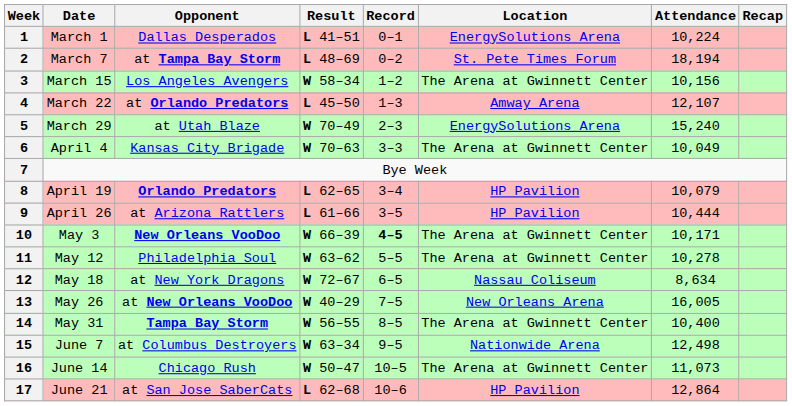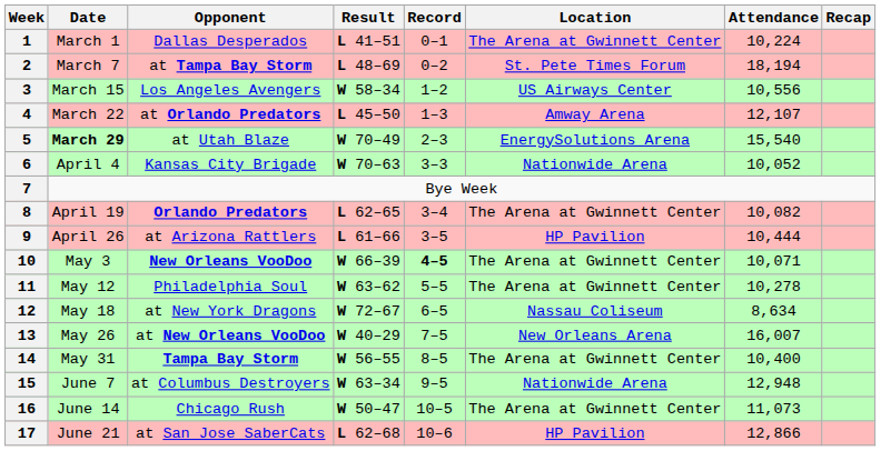 <table class="wikitable" style="text-align:center">
 <tr>
 <th>Week</th>
 <th>Date</th>
 <th>Opponent</th>
 <th>Result</th>
 <th>Record</th>
 <th>Location</th>
 <th>Attendance</th>
 <th>Recap</th>
 </tr>
 <tr bgcolor="#ffbbbb">
 <th>1</th>
 <td>March 1</td>
 <td><a href='#'>Dallas Desperados</a></td>
 <td><strong>L</strong> 41–51</td>
 <td>0–1</td>
-<td><a href='#'>EnergySolutions Arena</a></td>
+<td><a href='#'>The Arena at Gwinnett Center</a></td>
 <td>10,224</td>
 <td></td>
 </tr>
 <tr bgcolor="#ffbbbb">
 <th>2</th>
 <td>March 7</td>
 <td>at <strong><a href='#'>Tampa Bay Storm</a></strong></td>
 <td><strong>L</strong> 48–69</td>
 <td>0–2</td>
 <td><a href='#'>St. Pete Times Forum</a></td>
 <td>18,194</td>
 <td></td>
 </tr>
 <tr bgcolor="#bbffbb">
 <th>3</th>
 <td>March 15</td>
 <td><a href='#'>Los Angeles Avengers</a></td>
 <td><strong>W</strong> 58–34</td>
 <td>1–2</td>
-<td>The Arena at Gwinnett Center</td>
-<td>10,156</td>
+<td><a href='#'>US Airways Center</a></td>
+<td>10,556</td>
 <td></td>
 </tr>
 <tr bgcolor="#ffbbbb">
 <th>4</th>
 <td>March 22</td>
 <td>at <strong><a href='#'>Orlando Predators</a></strong></td>
 <td><strong>L</strong> 45–50</td>
 <td>1–3</td>
 <td><a href='#'>Amway Arena</a></td>
 <td>12,107</td>
 <td></td>
 </tr>
 <tr bgcolor="#bbffbb">
 <th>5</th>
-<td>March 29</td>
+<td><strong>March 29</strong></td>
 <td>at <a href='#'>Utah Blaze</a></td>
 <td><strong>W</strong> 70–49</td>
 <td>2–3</td>
 <td><a href='#'>EnergySolutions Arena</a></td>
-<td>15,240</td>
+<td>15,540</td>
 <td></td>
 </tr>
 <tr bgcolor="#bbffbb">
 <th>6</th>
 <td>April 4</td>
 <td><a href='#'>Kansas City Brigade</a></td>
 <td><strong>W</strong> 70–63</td>
 <td>3–3</td>
-<td>The Arena at Gwinnett Center</td>
-<td>10,049</td>
+<td><a href='#'>Nationwide Arena</a></td>
+<td>10,052</td>
 <td></td>
 </tr>
 <tr>
 <th>7</th>
 <td colspan=7>Bye Week</td>
 </tr>
 <tr bgcolor="#ffbbbb">
 <th>8</th>
 <td>April 19</td>
 <td><strong><a href='#'>Orlando Predators</a></strong></td>
 <td><strong>L</strong> 62–65</td>
 <td>3–4</td>
-<td><a href='#'>HP Pavilion</a></td>
-<td>10,079</td>
+<td>The Arena at Gwinnett Center</td>
+<td>10,082</td>
 <td></td>
 </tr>
 <tr bgcolor="#ffbbbb">
 <th>9</th>
 <td>April 26</td>
 <td>at <a href='#'>Arizona Rattlers</a></td>
 <td><strong>L</strong> 61–66</td>
 <td>3–5</td>
 <td><a href='#'>HP Pavilion</a></td>
 <td>10,444</td>
 <td></td>
 </tr>
 <tr bgcolor="#bbffbb">
 <th>10</th>
 <td>May 3</td>
 <td><strong><a href='#'>New Orleans VooDoo</a></strong></td>
 <td><strong>W</strong> 66–39</td>
 <td><strong>4–5</strong></td>
 <td>The Arena at Gwinnett Center</td>
-<td>10,171</td>
+<td>10,071</td>
 <td></td>
 </tr>
 <tr bgcolor="#bbffbb">
 <th>11</th>
 <td>May 12</td>
 <td><a href='#'>Philadelphia Soul</a></td>
 <td><strong>W</strong> 63–62</td>
 <td>5–5</td>
 <td>The Arena at Gwinnett Center</td>
 <td>10,278</td>
 <td></td>
 </tr>
 <tr bgcolor="#bbffbb">
 <th>12</th>
 <td>May 18</td>
 <td>at <a href='#'>New York Dragons</a></td>
 <td><strong>W</strong> 72–67</td>
 <td>6–5</td>
 <td><a href='#'>Nassau Coliseum</a></td>
 <td>8,634</td>
 <td></td>
 </tr>
 <tr bgcolor="#bbffbb">
 <th>13</th>
 <td>May 26</td>
 <td>at <strong><a href='#'>New Orleans VooDoo</a></strong></td>
 <td><strong>W</strong> 40–29</td>
 <td>7–5</td>
 <td><a href='#'>New Orleans Arena</a></td>
-<td>16,005</td>
+<td>16,007</td>
 <td></td>
 </tr>
 <tr bgcolor="#bbffbb">
 <th>14</th>
 <td>May 31</td>
 <td><strong><a href='#'>Tampa Bay Storm</a></strong></td>
 <td><strong>W</strong> 56–55</td>
 <td>8–5</td>
 <td>The Arena at Gwinnett Center</td>
 <td>10,400</td>
 <td></td>
 </tr>
 <tr bgcolor="#bbffbb">
 <th>15</th>
 <td>June 7</td>
 <td>at <a href='#'>Columbus Destroyers</a></td>
 <td><strong>W</strong> 63–34</td>
 <td>9–5</td>
 <td><a href='#'>Nationwide Arena</a></td>
-<td>12,498</td>
+<td>12,948</td>
 <td></td>
 </tr>
 <tr bgcolor="#bbffbb">
 <th>16</th>
 <td>June 14</td>
 <td><a href='#'>Chicago Rush</a></td>
 <td><strong>W</strong> 50–47</td>
 <td>10–5</td>
 <td>The Arena at Gwinnett Center</td>
 <td>11,073</td>
 <td></td>
 </tr>
 <tr bgcolor="#ffbbbb">
 <th>17</th>
 <td>June 21</td>
 <td>at <a href='#'>San Jose SaberCats</a></td>
 <td><strong>L</strong> 62–68</td>
 <td>10–6</td>
 <td><a href='#'>HP Pavilion</a></td>
-<td>12,864</td>
+<td>12,866</td>
 <td></td>
 </tr>
 </table>
